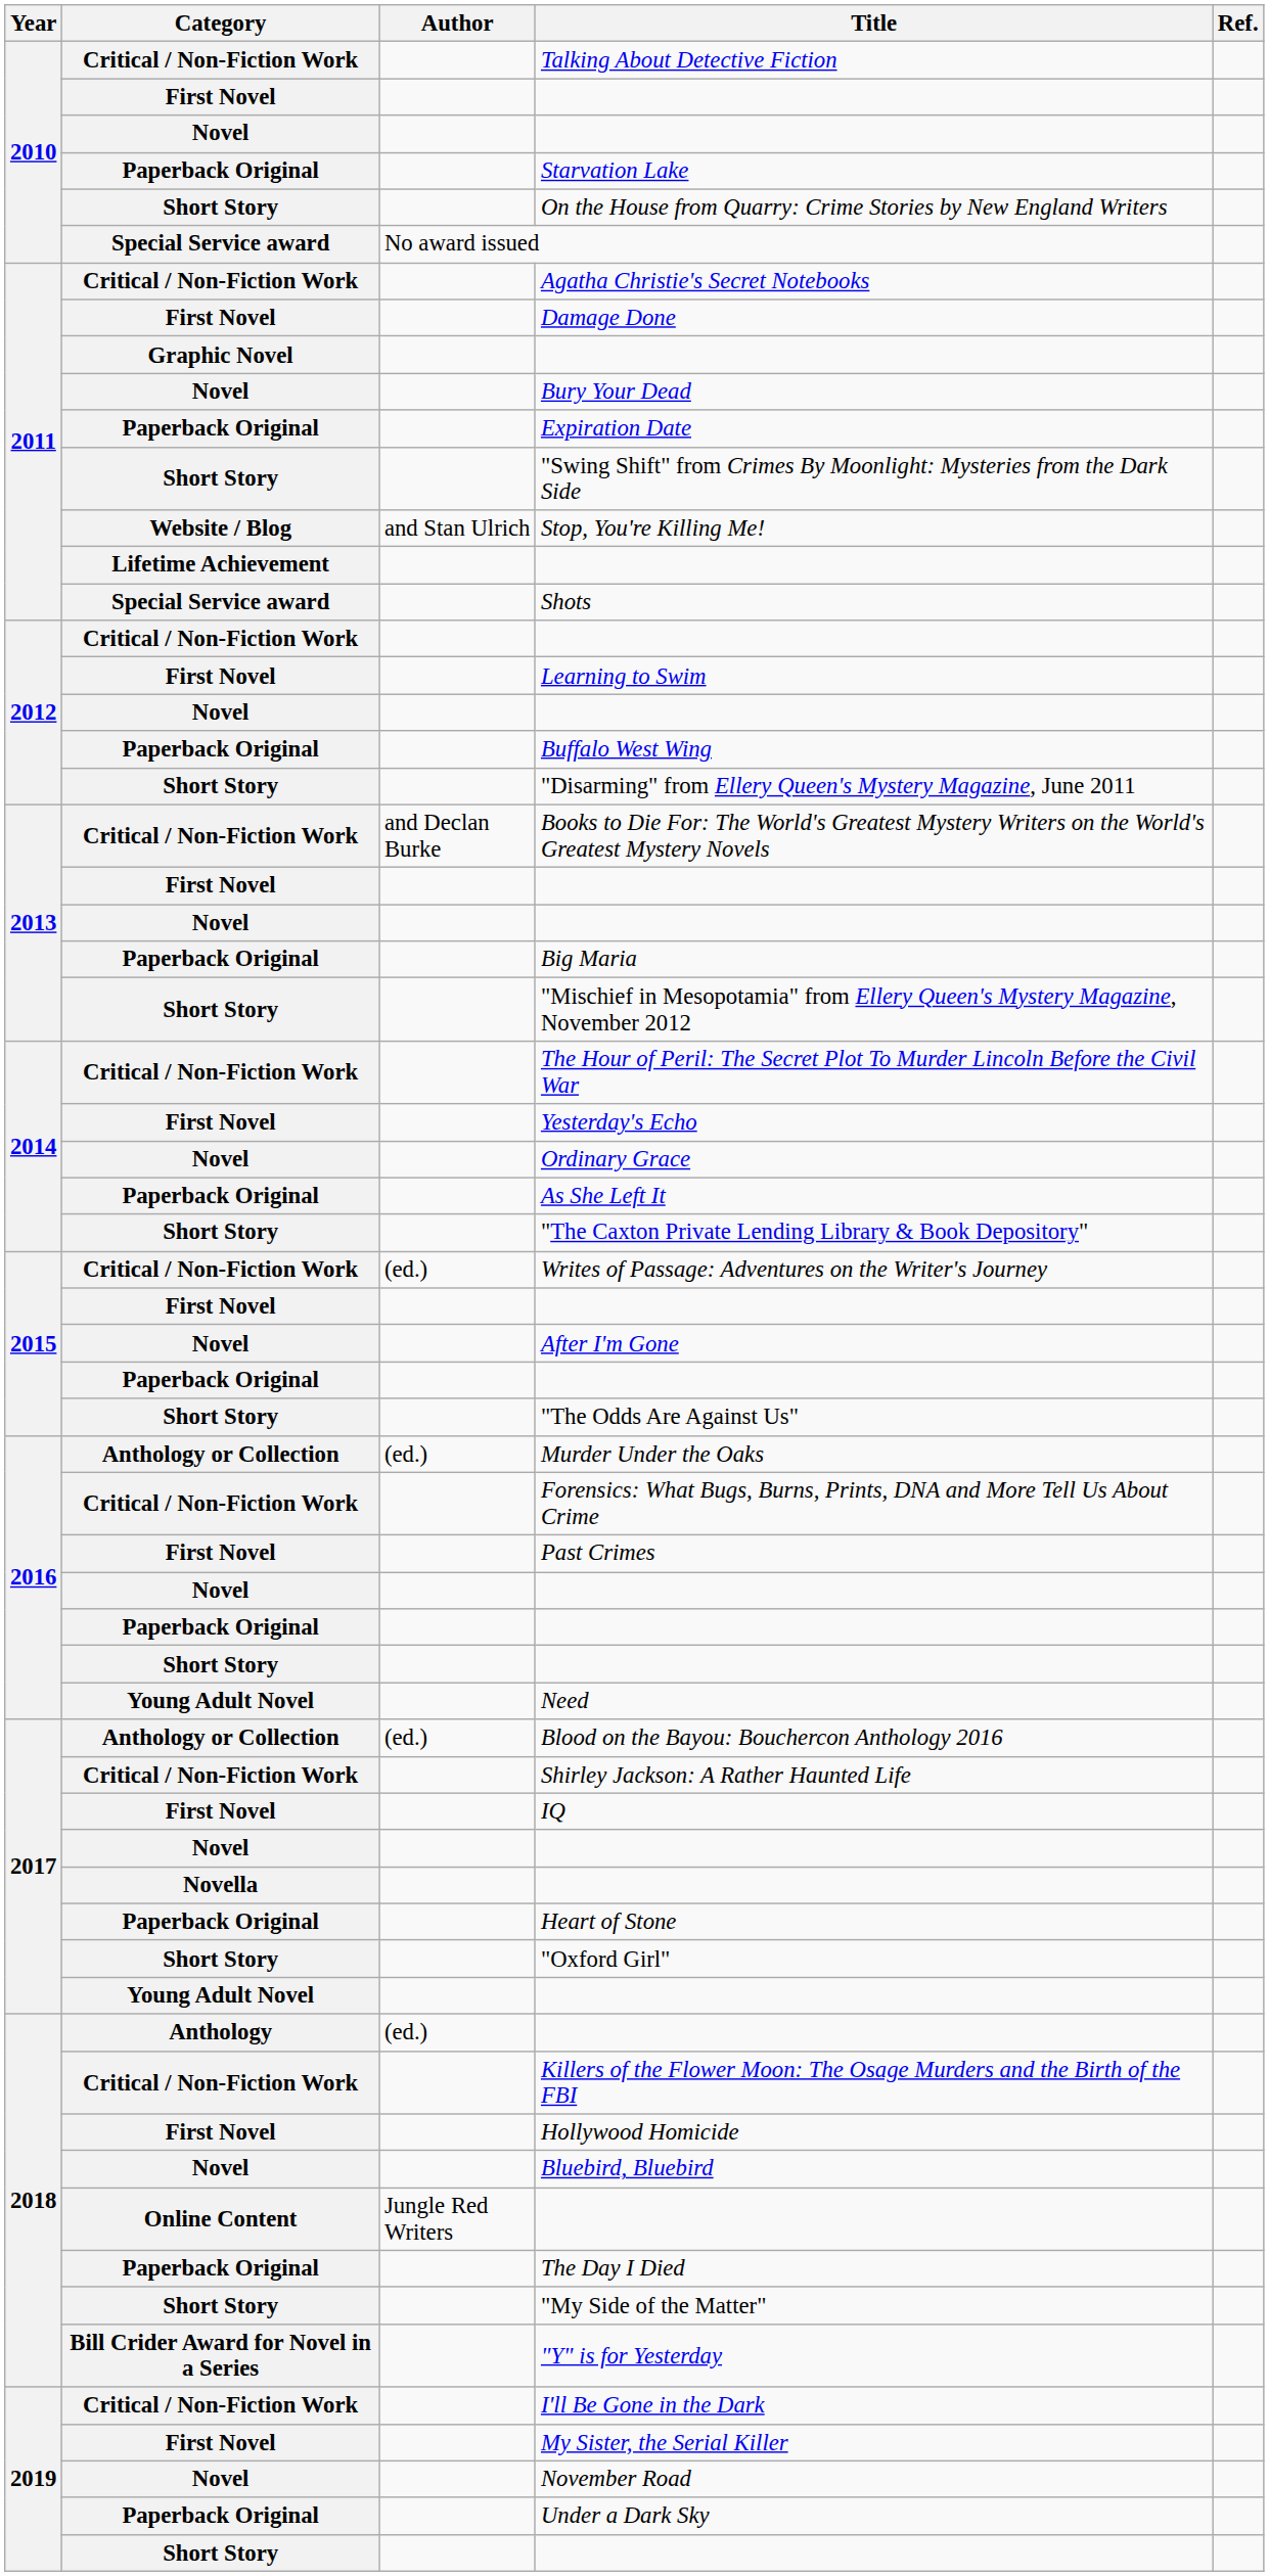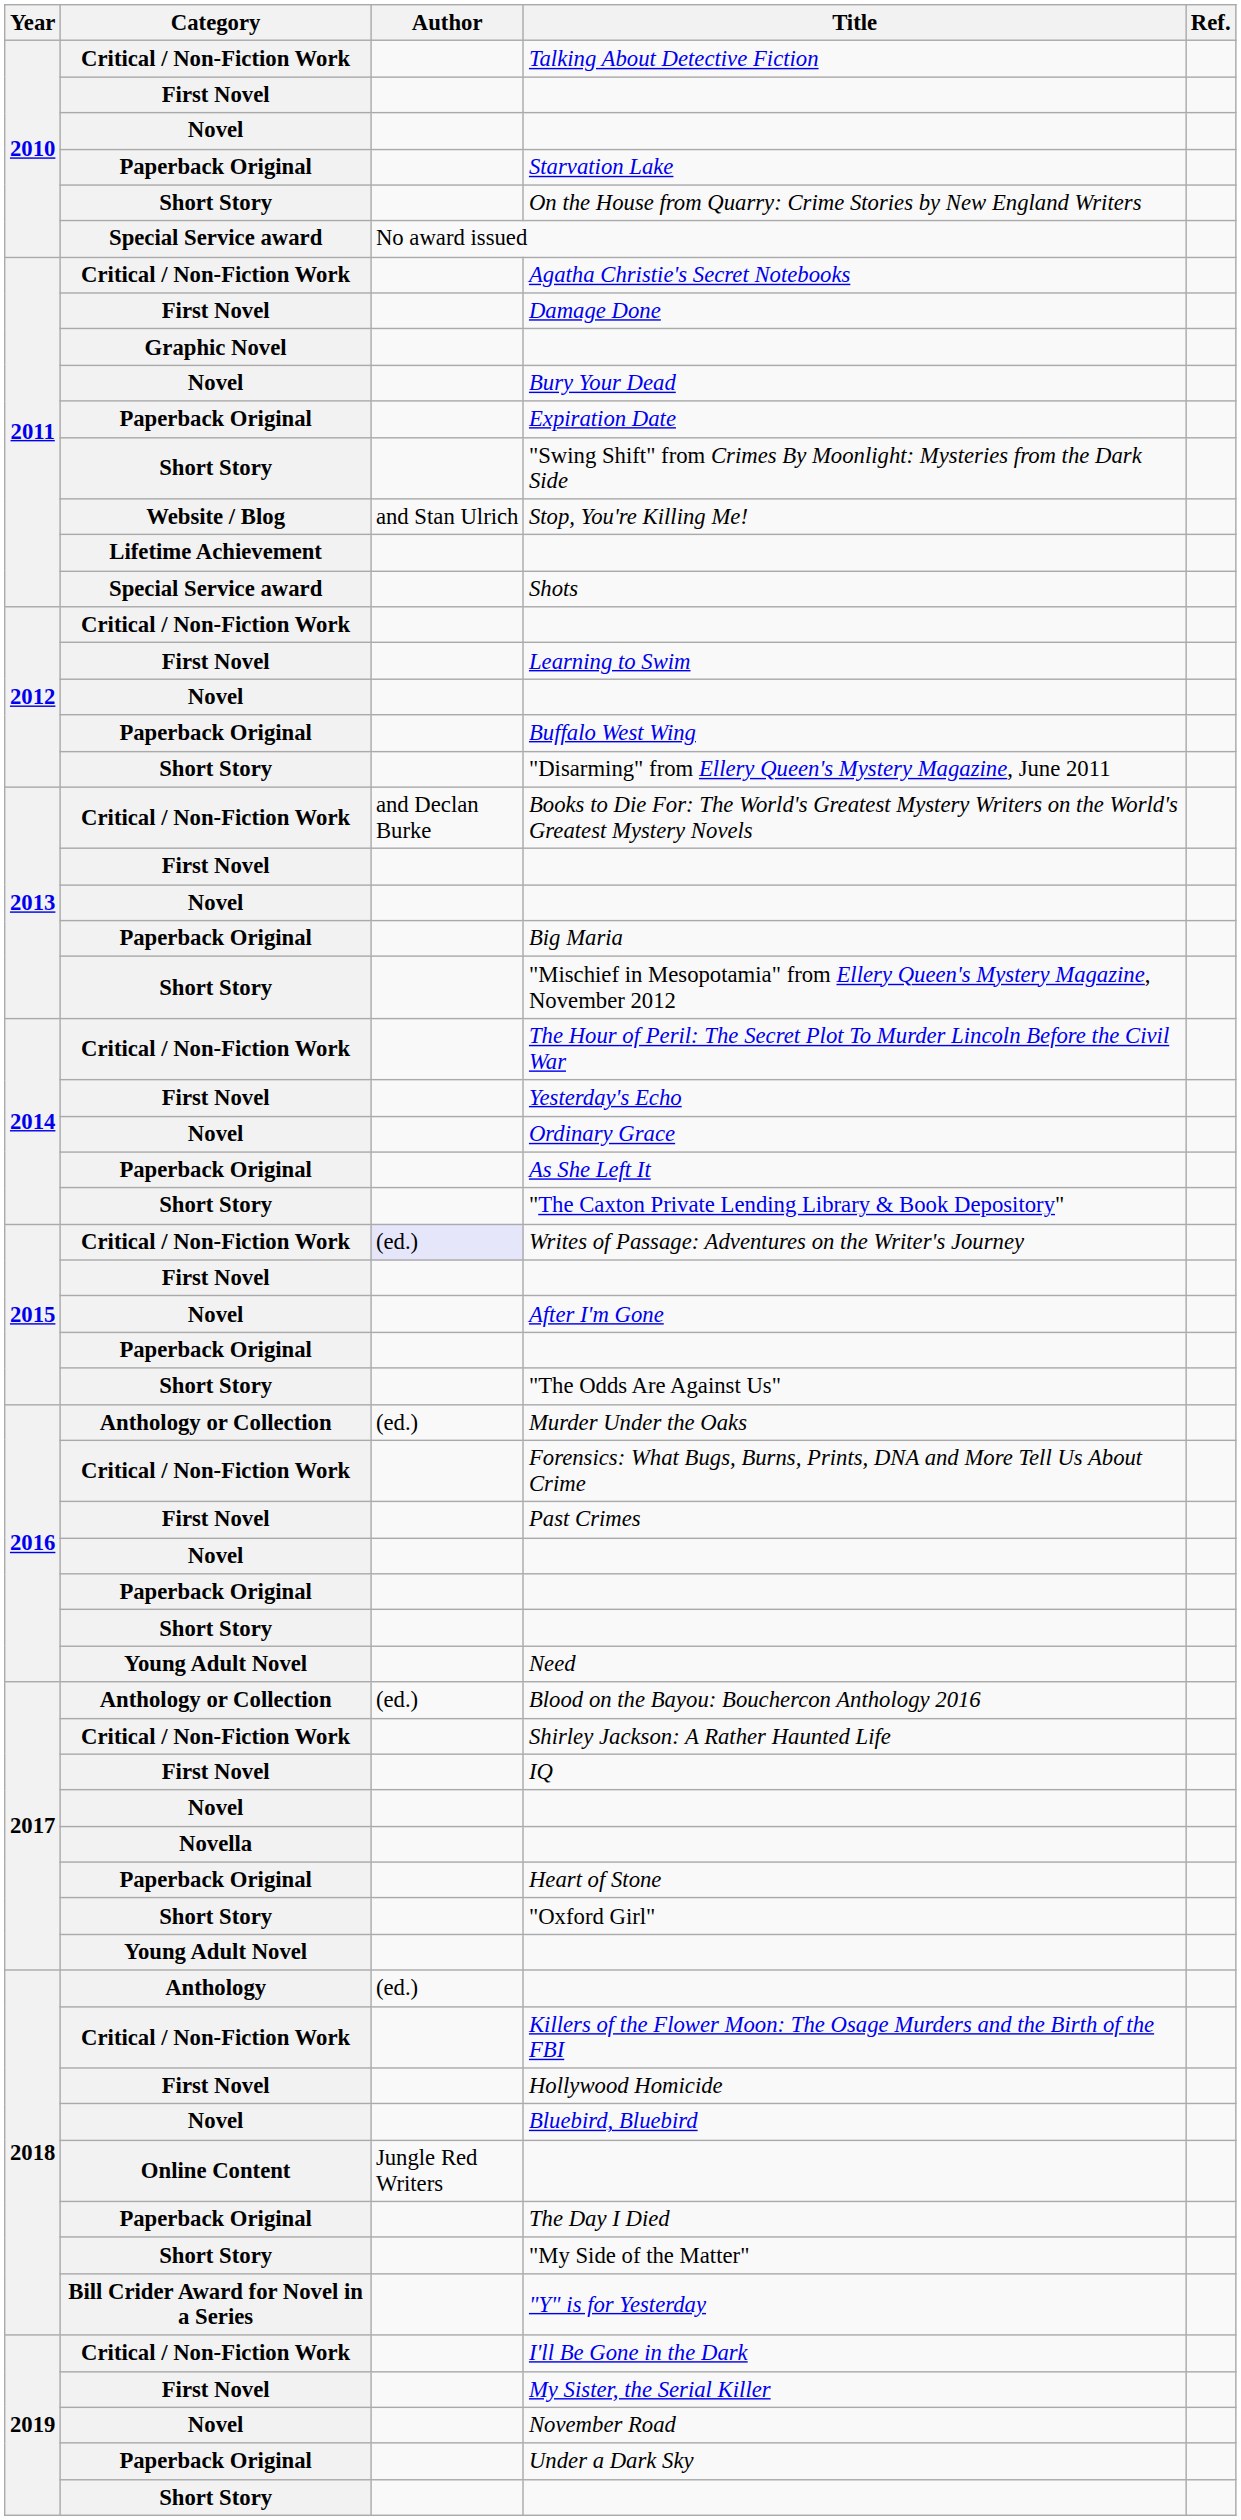 <table class="wikitable sortable mw-collapsible">
 <tr>
 <th>Year</th>
 <th>Category</th>
 <th>Author</th>
 <th>Title</th>
 <th>Ref.</th>
 </tr>
 <tr>
 <th rowspan="6"><a href='#'>2010</a></th>
 <th>Critical / Non-Fiction Work</th>
 <td></td>
 <td><em><a href='#'>Talking About Detective Fiction</a></em></td>
 <td></td>
 </tr>
 <tr>
 <th>First Novel</th>
 <td></td>
 <td><em></em></td>
 <td></td>
 </tr>
 <tr>
 <th>Novel</th>
 <td></td>
 <td><em></em></td>
 <td></td>
 </tr>
 <tr>
 <th>Paperback Original</th>
 <td></td>
 <td><em><a href='#'>Starvation Lake</a></em></td>
 <td></td>
 </tr>
 <tr>
 <th>Short Story</th>
 <td></td>
 <td><em>On the House from Quarry: Crime Stories by New England Writers</em></td>
 <td></td>
 </tr>
 <tr>
 <th>Special Service award</th>
 <td colspan="2">No award issued</td>
 <td></td>
 </tr>
 <tr>
 <th rowspan="9"><a href='#'>2011</a></th>
 <th>Critical / Non-Fiction Work</th>
 <td></td>
 <td><em><a href='#'>Agatha Christie's Secret Notebooks</a></em></td>
 <td></td>
 </tr>
 <tr>
 <th>First Novel</th>
 <td></td>
 <td><em><a href='#'>Damage Done</a></em></td>
 <td></td>
 </tr>
 <tr>
 <th>Graphic Novel</th>
 <td></td>
 <td><em></em></td>
 <td></td>
 </tr>
 <tr>
 <th>Novel</th>
 <td></td>
 <td><em><a href='#'>Bury Your Dead</a></em></td>
 <td></td>
 </tr>
 <tr>
 <th>Paperback Original</th>
 <td></td>
 <td><em><a href='#'>Expiration Date</a></em></td>
 <td></td>
 </tr>
 <tr>
 <th>Short Story</th>
 <td></td>
 <td>"Swing Shift" from <em>Crimes By Moonlight: Mysteries from the Dark Side</em></td>
 <td></td>
 </tr>
 <tr>
 <th>Website / Blog</th>
 <td> and Stan Ulrich</td>
 <td><em>Stop, You're Killing Me!</em></td>
 <td></td>
 </tr>
 <tr>
 <th>Lifetime Achievement</th>
 <td></td>
 <td></td>
 <td></td>
 </tr>
 <tr>
 <th>Special Service award</th>
 <td></td>
 <td><em>Shots</em></td>
 <td></td>
 </tr>
 <tr>
 <th rowspan="5"><a href='#'>2012</a></th>
 <th>Critical / Non-Fiction Work</th>
 <td></td>
 <td><em></em></td>
 <td></td>
 </tr>
 <tr>
 <th>First Novel</th>
 <td></td>
 <td><em><a href='#'>Learning to Swim</a></em></td>
 <td></td>
 </tr>
 <tr>
 <th>Novel</th>
 <td></td>
 <td><em></em></td>
 <td></td>
 </tr>
 <tr>
 <th>Paperback Original</th>
 <td></td>
 <td><em><a href='#'>Buffalo West Wing</a></em></td>
 <td></td>
 </tr>
 <tr>
 <th>Short Story</th>
 <td></td>
 <td>"Disarming" from <em><a href='#'>Ellery Queen's Mystery Magazine</a></em>, June 2011</td>
 <td></td>
 </tr>
 <tr>
 <th rowspan="5"><a href='#'>2013</a></th>
 <th>Critical / Non-Fiction Work</th>
 <td> and Declan Burke</td>
 <td><em>Books to Die For: The World's Greatest Mystery Writers on the World's Greatest Mystery Novels</em></td>
 <td></td>
 </tr>
 <tr>
 <th>First Novel</th>
 <td></td>
 <td><em></em></td>
 <td></td>
 </tr>
 <tr>
 <th>Novel</th>
 <td></td>
 <td><em></em></td>
 <td></td>
 </tr>
 <tr>
 <th>Paperback Original</th>
 <td></td>
 <td><em>Big Maria</em></td>
 <td></td>
 </tr>
 <tr>
 <th>Short Story</th>
 <td></td>
 <td>"Mischief in Mesopotamia" from <em><a href='#'>Ellery Queen's Mystery Magazine</a></em>, November 2012</td>
 <td></td>
 </tr>
 <tr>
 <th rowspan="5"><a href='#'>2014</a></th>
 <th>Critical / Non-Fiction Work</th>
 <td></td>
 <td><em><a href='#'>The Hour of Peril: The Secret Plot To Murder Lincoln Before the Civil War</a></em></td>
 <td></td>
 </tr>
 <tr>
 <th>First Novel</th>
 <td></td>
 <td><em><a href='#'>Yesterday's Echo</a></em></td>
 <td></td>
 </tr>
 <tr>
 <th>Novel</th>
 <td></td>
 <td><em><a href='#'>Ordinary Grace</a></em></td>
 <td></td>
 </tr>
 <tr>
 <th>Paperback Original</th>
 <td></td>
 <td><em><a href='#'>As She Left It</a></em></td>
 <td></td>
 </tr>
 <tr>
 <th>Short Story</th>
 <td></td>
 <td>"<a href='#'>The Caxton Private Lending Library & Book Depository</a>"</td>
 <td></td>
 </tr>
 <tr>
 <th rowspan="5"><a href='#'>2015</a></th>
 <th>Critical / Non-Fiction Work</th>
-<td> (ed.)</td>
+<td style="background: lavender;"> (ed.)</td>
 <td><em>Writes of Passage: Adventures on the Writer's Journey</em></td>
 <td></td>
 </tr>
 <tr>
 <th>First Novel</th>
 <td></td>
 <td><em></em></td>
 <td></td>
 </tr>
 <tr>
 <th>Novel</th>
 <td></td>
 <td><em><a href='#'>After I'm Gone</a></em></td>
 <td></td>
 </tr>
 <tr>
 <th>Paperback Original</th>
 <td></td>
 <td><em></em></td>
 <td></td>
 </tr>
 <tr>
 <th>Short Story</th>
 <td></td>
 <td>"The Odds Are Against Us"</td>
 <td></td>
 </tr>
 <tr>
 <th rowspan="7"><a href='#'>2016</a></th>
 <th>Anthology or Collection</th>
 <td> (ed.)</td>
 <td><em>Murder Under the Oaks</em></td>
 <td></td>
 </tr>
 <tr>
 <th>Critical / Non-Fiction Work</th>
 <td></td>
 <td><em>Forensics: What Bugs, Burns, Prints, DNA and More Tell Us About Crime</em></td>
 <td></td>
 </tr>
 <tr>
 <th>First Novel</th>
 <td></td>
 <td><em>Past Crimes</em></td>
 <td></td>
 </tr>
 <tr>
 <th>Novel</th>
 <td></td>
 <td><em></em></td>
 <td></td>
 </tr>
 <tr>
 <th>Paperback Original</th>
 <td></td>
 <td><em></em></td>
 <td></td>
 </tr>
 <tr>
 <th>Short Story</th>
 <td></td>
 <td><em></em></td>
 <td></td>
 </tr>
 <tr>
 <th>Young Adult Novel</th>
 <td></td>
 <td><em>Need</em></td>
 <td></td>
 </tr>
 <tr>
 <th rowspan="8">2017</th>
 <th>Anthology or Collection</th>
 <td> (ed.)</td>
 <td><em>Blood on the Bayou: Bouchercon Anthology 2016</em></td>
 <td></td>
 </tr>
 <tr>
 <th>Critical / Non-Fiction Work</th>
 <td></td>
 <td><em>Shirley Jackson: A Rather Haunted Life</em></td>
 <td></td>
 </tr>
 <tr>
 <th>First Novel</th>
 <td></td>
 <td><em>IQ</em></td>
 <td></td>
 </tr>
 <tr>
 <th>Novel</th>
 <td></td>
 <td><em></em></td>
 <td></td>
 </tr>
 <tr>
 <th>Novella</th>
 <td></td>
 <td><em></em></td>
 <td></td>
 </tr>
 <tr>
 <th>Paperback Original</th>
 <td></td>
 <td><em>Heart of Stone</em></td>
 <td></td>
 </tr>
 <tr>
 <th>Short Story</th>
 <td></td>
 <td>"Oxford Girl"</td>
 <td></td>
 </tr>
 <tr>
 <th>Young Adult Novel</th>
 <td></td>
 <td><em></em></td>
 <td></td>
 </tr>
 <tr>
 <th rowspan="8">2018</th>
 <th>Anthology</th>
 <td> (ed.)</td>
 <td><em></em></td>
 <td></td>
 </tr>
 <tr>
 <th>Critical / Non-Fiction Work</th>
 <td></td>
 <td><em><a href='#'>Killers of the Flower Moon: The Osage Murders and the Birth of the FBI</a></em></td>
 <td></td>
 </tr>
 <tr>
 <th>First Novel</th>
 <td></td>
 <td><em>Hollywood Homicide</em></td>
 <td></td>
 </tr>
 <tr>
 <th>Novel</th>
 <td></td>
 <td><em><a href='#'>Bluebird, Bluebird</a></em></td>
 <td></td>
 </tr>
 <tr>
 <th>Online Content</th>
 <td>Jungle Red Writers</td>
 <td></td>
 <td></td>
 </tr>
 <tr>
 <th>Paperback Original</th>
 <td></td>
 <td><em>The Day I Died</em></td>
 <td></td>
 </tr>
 <tr>
 <th>Short Story</th>
 <td></td>
 <td>"My Side of the Matter"</td>
 <td></td>
 </tr>
 <tr>
 <th>Bill Crider Award for Novel in a Series</th>
 <td></td>
 <td><em><a href='#'>"Y" is for Yesterday</a></em></td>
 <td></td>
 </tr>
 <tr>
 <th rowspan="5">2019</th>
 <th>Critical / Non-Fiction Work</th>
 <td></td>
 <td><em><a href='#'>I'll Be Gone in the Dark</a></em></td>
 <td></td>
 </tr>
 <tr>
 <th>First Novel</th>
 <td></td>
 <td><em><a href='#'>My Sister, the Serial Killer</a></em></td>
 <td></td>
 </tr>
 <tr>
 <th>Novel</th>
 <td></td>
 <td><em>November Road</em></td>
 <td></td>
 </tr>
 <tr>
 <th>Paperback Original</th>
 <td></td>
 <td><em>Under a Dark Sky</em></td>
 <td></td>
 </tr>
 <tr>
 <th>Short Story</th>
 <td></td>
 <td><em></em></td>
 <td></td>
 </tr>
 </table>
